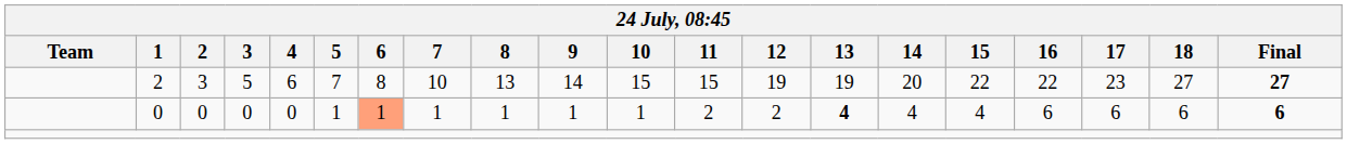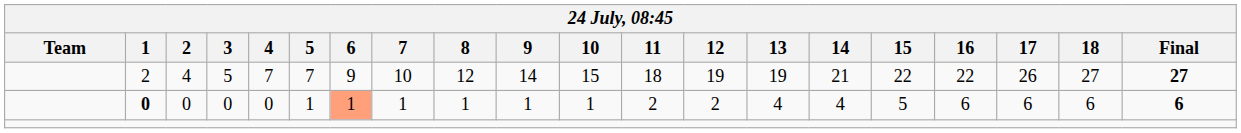 <table class=wikitable style="text-align:center; width: 55%">
 <tr>
 <th colspan=20><em>24 July, 08:45</em></th>
 </tr>
 <tr>
 <th>Team</th>
 <th>1</th>
 <th>2</th>
 <th>3</th>
 <th>4</th>
 <th>5</th>
 <th>6</th>
 <th>7</th>
 <th>8</th>
 <th>9</th>
 <th>10</th>
 <th>11</th>
 <th>12</th>
 <th>13</th>
 <th>14</th>
 <th>15</th>
 <th>16</th>
 <th>17</th>
 <th>18</th>
 <th>Final</th>
 </tr>
 <tr>
 <td align=left><strong></strong></td>
 <td>2</td>
-<td>3</td>
+<td>4</td>
 <td>5</td>
-<td>6</td>
 <td>7</td>
-<td>8</td>
+<td>7</td>
+<td>9</td>
 <td>10</td>
-<td>13</td>
+<td>12</td>
 <td>14</td>
 <td>15</td>
-<td>15</td>
+<td>18</td>
 <td>19</td>
 <td>19</td>
-<td>20</td>
+<td>21</td>
 <td>22</td>
 <td>22</td>
-<td>23</td>
+<td>26</td>
 <td>27</td>
 <td><strong>27</strong></td>
 </tr>
 <tr>
 <td align=left></td>
-<td>0</td>
+<td><strong>0</strong></td>
 <td>0</td>
 <td>0</td>
 <td>0</td>
 <td>1</td>
 <td style="background: lightsalmon;">1</td>
 <td>1</td>
 <td>1</td>
 <td>1</td>
 <td>1</td>
 <td>2</td>
 <td>2</td>
-<td><strong>4</strong></td>
 <td>4</td>
 <td>4</td>
+<td>5</td>
 <td>6</td>
 <td>6</td>
 <td>6</td>
 <td><strong>6</strong></td>
 </tr>
 <tr>
 <td colspan=20></td>
 </tr>
 </table>
